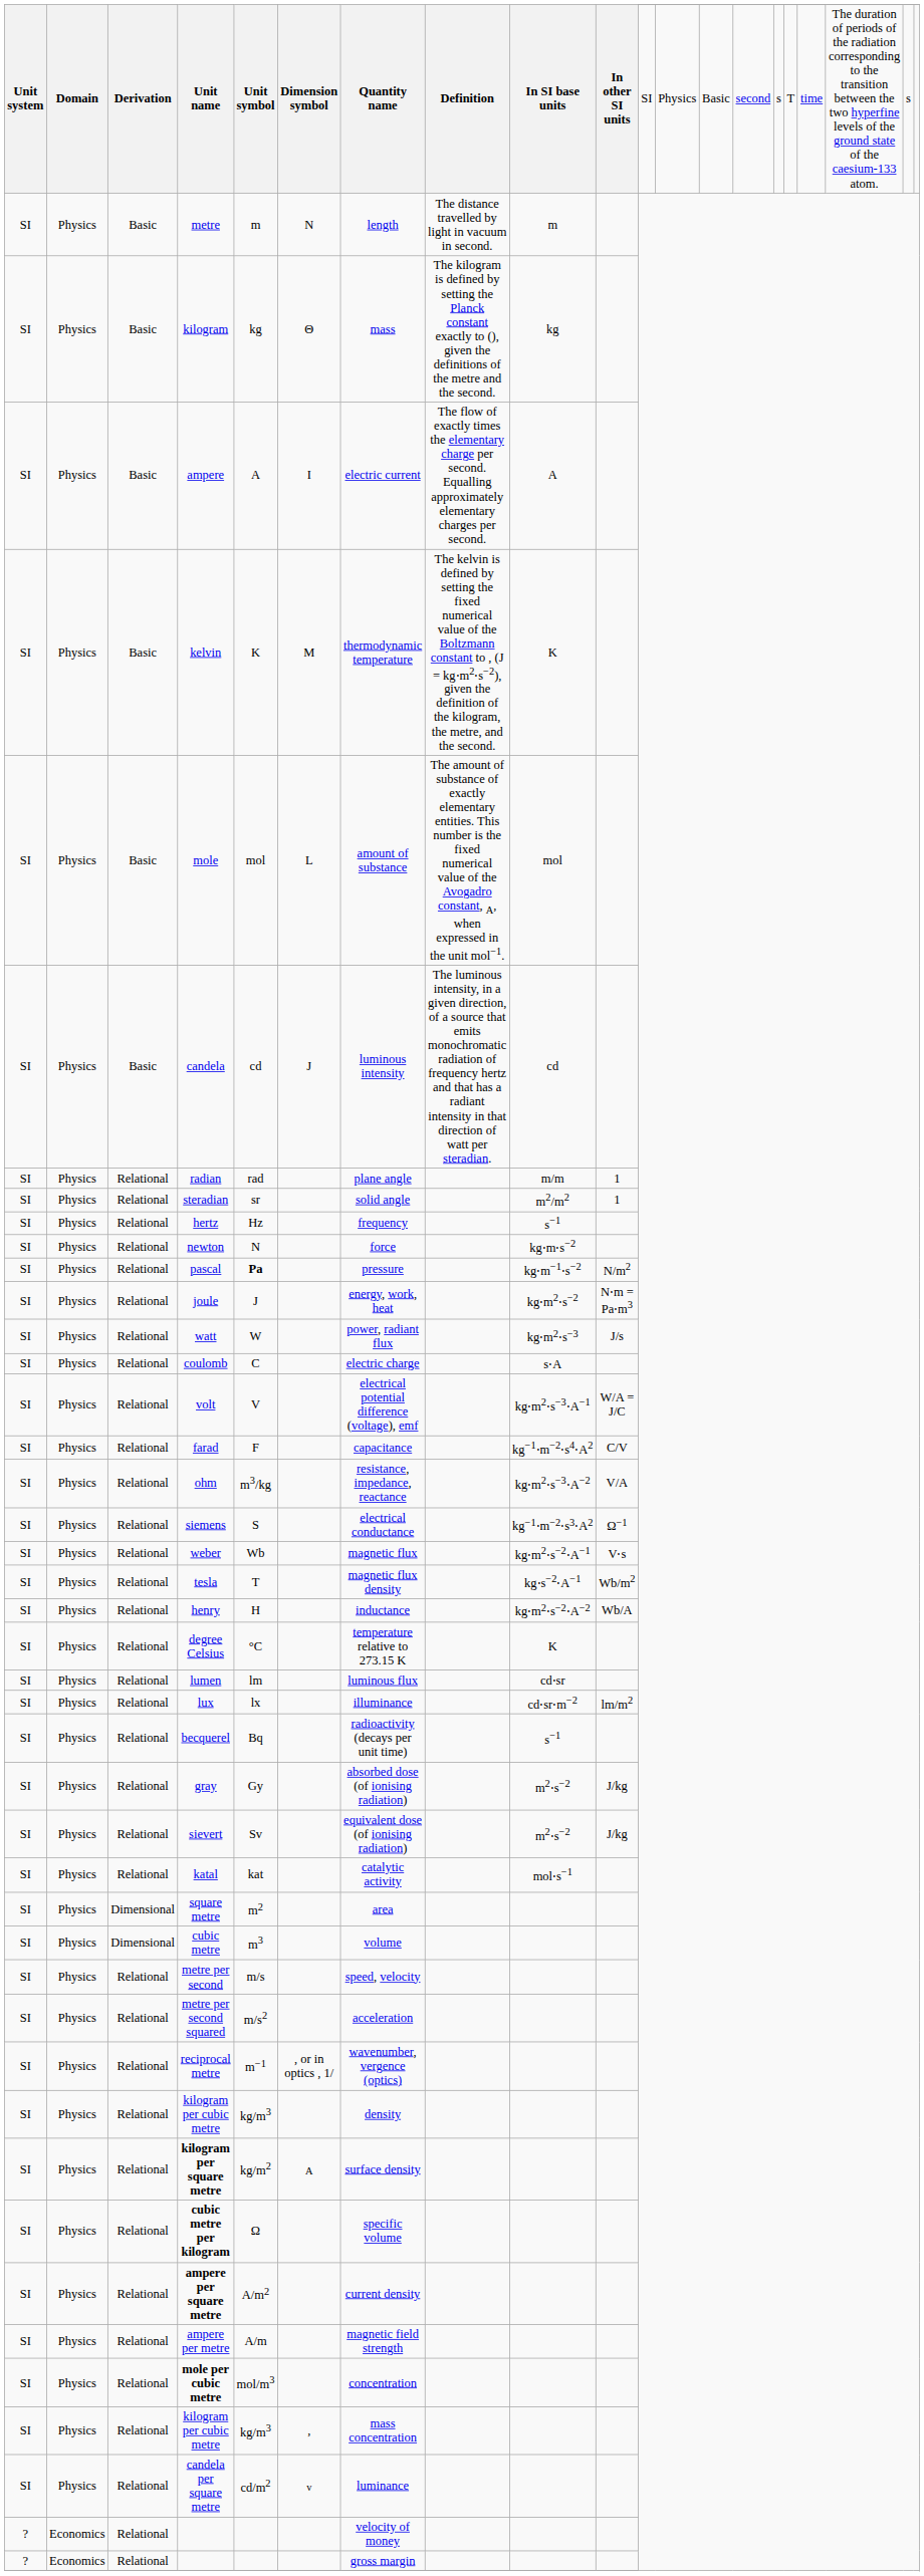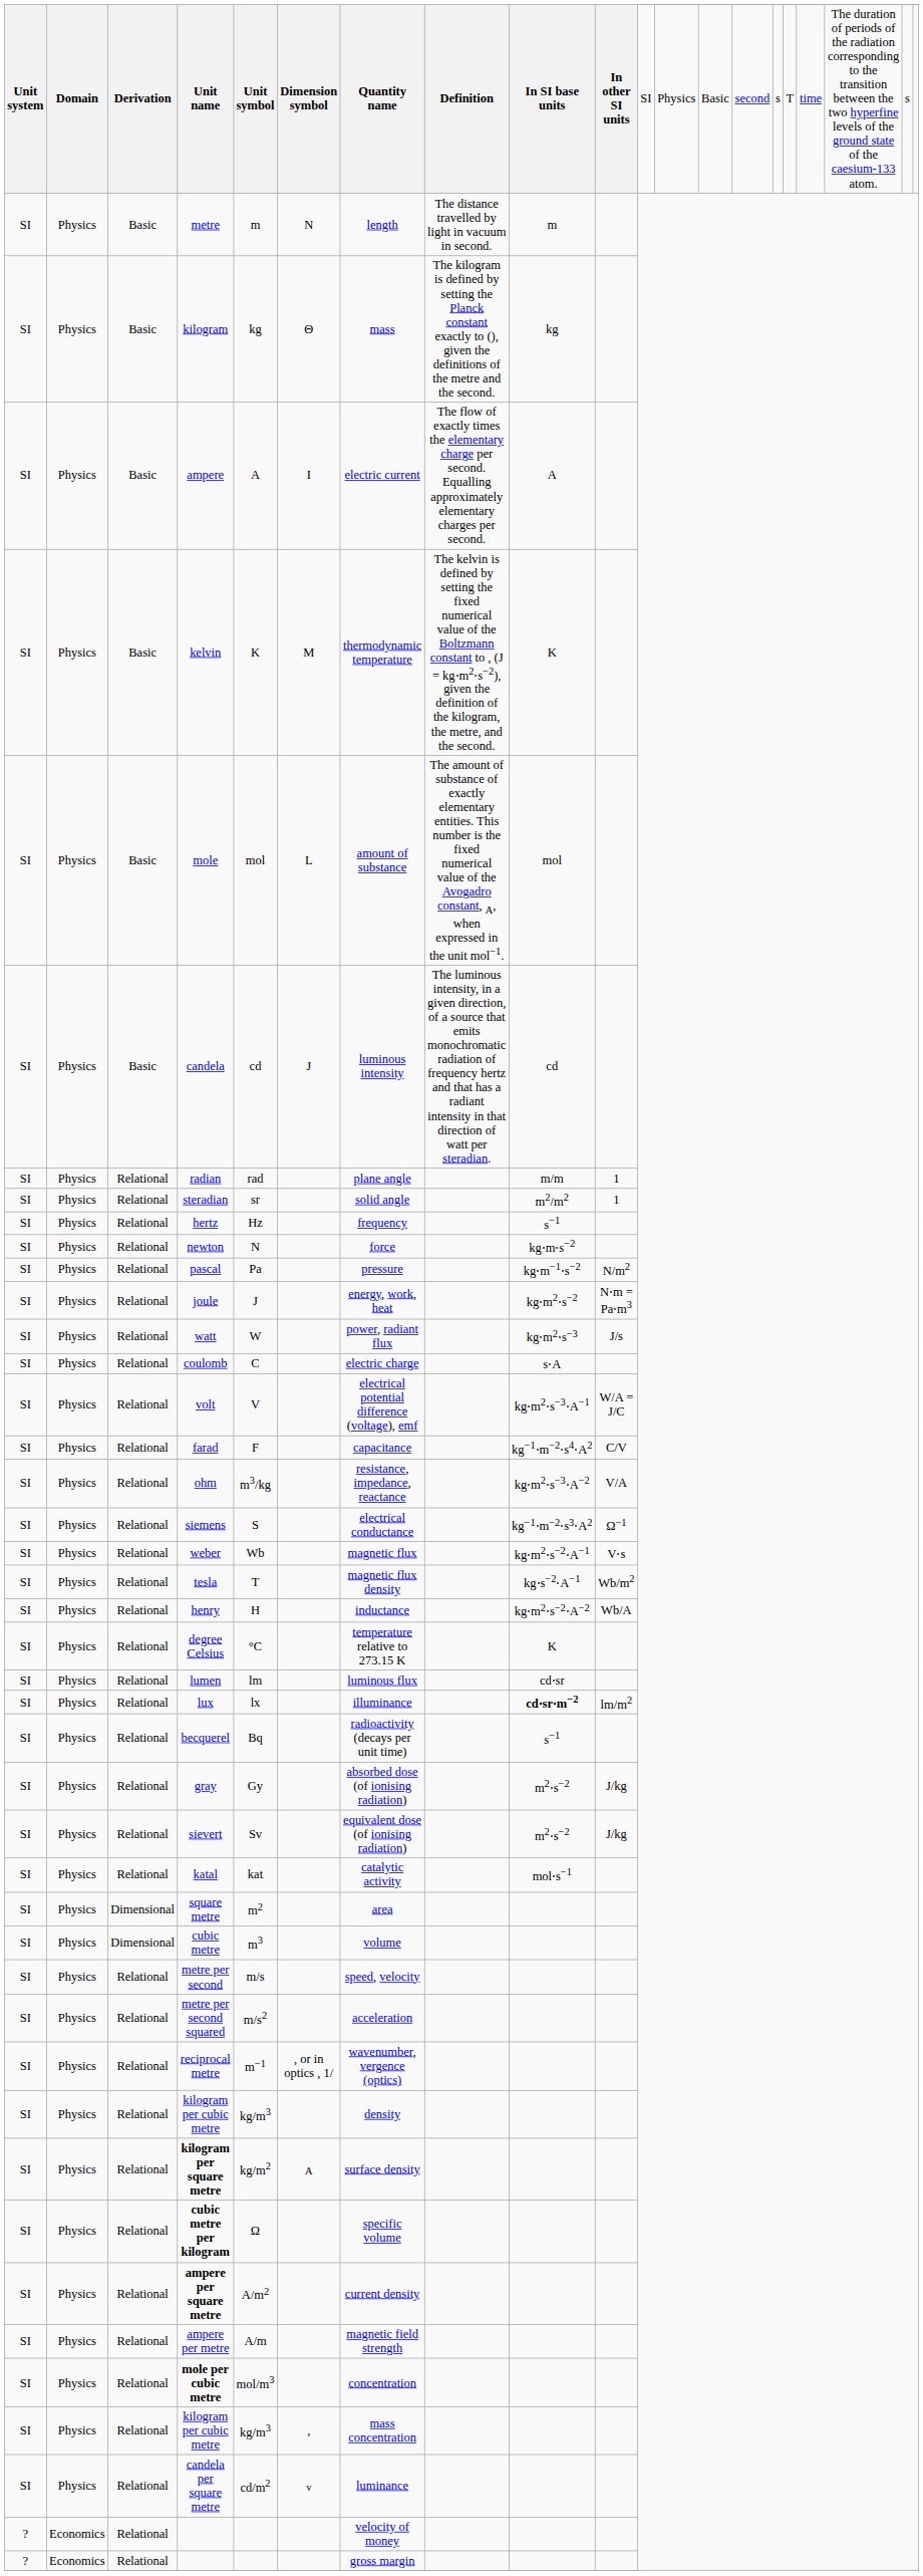 <table class="wikitable sortable" width='100%' style='text-align: center'>
 <tr>
 <th data-sort-type="number ! "rowspan="2">Unit system</th>
 <th data-sort-type="number ! "rowspan="2">Domain</th>
 <th data-sort-type="number ! "rowspan="2">Derivation</th>
 <th data-sort-type="number ! "rowspan="2">Unit name</th>
 <th data-sort-type="number ! "rowspan="2">Unit symbol</th>
 <th data-sort-type="number ! "rowspan="2">Dimension symbol</th>
 <th data-sort-type="number ! "rowspan="2">Quantity name</th>
 <th data-sort-type="number ! "rowspan="2">Definition</th>
 <th data-sort-type="number ! "rowspan="2">In SI base units</th>
 <th data-sort-type="number ! "rowspan="2">In other SI units</th>
 </tr>
 <tr>
 <td>SI</td>
 <td>Physics</td>
 <td>Basic</td>
 <td><a href='#'>second</a><br></td>
 <td>s</td>
 <td>T</td>
 <td><a href='#'>time</a></td>
 <td>The duration of  periods of the radiation corresponding to the transition between the two <a href='#'>hyperfine</a> levels of the <a href='#'>ground state</a> of the <a href='#'>caesium-133</a> atom.</td>
 <td>s</td>
 <td></td>
 </tr>
 <tr>
 <td>SI</td>
 <td>Physics</td>
 <td>Basic</td>
 <td><a href='#'>metre</a></td>
 <td>m</td>
 <td>N</td>
 <td><a href='#'>length</a></td>
 <td>The distance travelled by light in vacuum in  second.</td>
 <td>m</td>
 <td></td>
 </tr>
 <tr>
 <td>SI</td>
 <td>Physics</td>
 <td>Basic</td>
 <td><a href='#'>kilogram</a><br></td>
 <td>kg</td>
 <td>Θ</td>
 <td><a href='#'>mass</a></td>
 <td>The kilogram is defined by setting the <a href='#'>Planck constant</a>  exactly to  (), given the definitions of the metre and the second.</td>
 <td>kg</td>
 <td></td>
 </tr>
 <tr>
 <td>SI</td>
 <td>Physics</td>
 <td>Basic</td>
 <td><a href='#'>ampere</a></td>
 <td>A</td>
 <td>I</td>
 <td><a href='#'>electric current</a></td>
 <td>The flow of exactly  times the <a href='#'>elementary charge</a>  per second. Equalling approximately   elementary charges per second.</td>
 <td>A</td>
 <td></td>
 </tr>
 <tr>
 <td>SI</td>
 <td>Physics</td>
 <td>Basic</td>
 <td><a href='#'>kelvin</a></td>
 <td>K</td>
 <td>M</td>
 <td><a href='#'>thermodynamic<br>temperature</a></td>
 <td>The kelvin is defined by setting the fixed numerical value of the <a href='#'>Boltzmann constant</a>  to , (J = kg⋅m<sup>2</sup>⋅s<sup>−2</sup>), given the definition of the kilogram, the metre, and the second.</td>
 <td>K</td>
 <td></td>
 </tr>
 <tr>
 <td>SI</td>
 <td>Physics</td>
 <td>Basic</td>
 <td><a href='#'>mole</a></td>
 <td>mol</td>
 <td>L</td>
 <td><a href='#'>amount of<br>substance</a></td>
 <td>The amount of substance of exactly  elementary entities. This number is the fixed numerical value of the <a href='#'>Avogadro constant</a>, <sub>A</sub>, when expressed in the unit mol<sup>−1</sup>.</td>
 <td>mol</td>
 <td></td>
 </tr>
 <tr>
 <td>SI</td>
 <td>Physics</td>
 <td>Basic</td>
 <td><a href='#'>candela</a></td>
 <td>cd</td>
 <td>J</td>
 <td><a href='#'>luminous<br>intensity</a></td>
 <td>The luminous intensity, in a given direction, of a source that emits monochromatic radiation of frequency  hertz and that has a radiant intensity in that direction of  watt per <a href='#'>steradian</a>.</td>
 <td>cd</td>
 <td></td>
 </tr>
 <tr>
 <td>SI</td>
 <td>Physics</td>
 <td>Relational</td>
 <td><a href='#'>radian</a></td>
 <td>rad</td>
 <td></td>
 <td><a href='#'>plane angle</a></td>
 <td></td>
 <td>m/m</td>
 <td>1</td>
 </tr>
 <tr>
 <td>SI</td>
 <td>Physics</td>
 <td>Relational</td>
 <td><a href='#'>steradian</a></td>
 <td>sr</td>
 <td></td>
 <td><a href='#'>solid angle</a></td>
 <td></td>
 <td>m<sup>2</sup>/m<sup>2</sup></td>
 <td>1</td>
 </tr>
 <tr>
 <td>SI</td>
 <td>Physics</td>
 <td>Relational</td>
 <td><a href='#'>hertz</a></td>
 <td>Hz</td>
 <td></td>
 <td><a href='#'>frequency</a></td>
 <td></td>
 <td>s<sup>−1</sup></td>
 <td></td>
 </tr>
 <tr>
 <td>SI</td>
 <td>Physics</td>
 <td>Relational</td>
 <td><a href='#'>newton</a></td>
 <td>N</td>
 <td></td>
 <td><a href='#'>force</a></td>
 <td></td>
 <td>kg⋅m⋅s<sup>−2</sup></td>
 <td></td>
 </tr>
 <tr>
 <td>SI</td>
 <td>Physics</td>
 <td>Relational</td>
 <td><a href='#'>pascal</a></td>
-<td><strong>Pa</strong></td>
+<td>Pa</td>
 <td></td>
 <td><a href='#'>pressure</a></td>
 <td></td>
 <td>kg⋅m<sup>−1</sup>⋅s<sup>−2</sup></td>
 <td>N/m<sup>2</sup></td>
 </tr>
 <tr>
 <td>SI</td>
 <td>Physics</td>
 <td>Relational</td>
 <td><a href='#'>joule</a></td>
 <td>J</td>
 <td></td>
 <td><a href='#'>energy</a>, <a href='#'>work</a>, <a href='#'>heat</a></td>
 <td></td>
 <td>kg⋅m<sup>2</sup>⋅s<sup>−2</sup></td>
 <td>N⋅m = Pa⋅m<sup>3</sup></td>
 </tr>
 <tr>
 <td>SI</td>
 <td>Physics</td>
 <td>Relational</td>
 <td><a href='#'>watt</a></td>
 <td>W</td>
 <td></td>
 <td><a href='#'>power</a>, <a href='#'>radiant flux</a></td>
 <td></td>
 <td>kg⋅m<sup>2</sup>⋅s<sup>−3</sup></td>
 <td>J/s</td>
 </tr>
 <tr>
 <td>SI</td>
 <td>Physics</td>
 <td>Relational</td>
 <td><a href='#'>coulomb</a></td>
 <td>C</td>
 <td></td>
 <td><a href='#'>electric charge</a></td>
 <td></td>
 <td>s⋅A</td>
 <td></td>
 </tr>
 <tr>
 <td>SI</td>
 <td>Physics</td>
 <td>Relational</td>
 <td><a href='#'>volt</a></td>
 <td>V</td>
 <td></td>
 <td><a href='#'>electrical potential difference</a> (<a href='#'>voltage</a>), <a href='#'>emf</a></td>
 <td></td>
 <td>kg⋅m<sup>2</sup>⋅s<sup>−3</sup>⋅A<sup>−1</sup></td>
 <td>W/A = J/C</td>
 </tr>
 <tr>
 <td>SI</td>
 <td>Physics</td>
 <td>Relational</td>
 <td><a href='#'>farad</a></td>
 <td>F</td>
 <td></td>
 <td><a href='#'>capacitance</a></td>
 <td></td>
 <td>kg<sup>−1</sup>⋅m<sup>−2</sup>⋅s<sup>4</sup>⋅A<sup>2</sup></td>
 <td>C/V</td>
 </tr>
 <tr>
 <td>SI</td>
 <td>Physics</td>
 <td>Relational</td>
 <td><a href='#'>ohm</a></td>
 <td>m<sup>3</sup>/kg</td>
 <td></td>
 <td><a href='#'>resistance</a>, <a href='#'>impedance</a>, <a href='#'>reactance</a></td>
 <td></td>
 <td>kg⋅m<sup>2</sup>⋅s<sup>−3</sup>⋅A<sup>−2</sup></td>
 <td>V/A</td>
 </tr>
 <tr>
 <td>SI</td>
 <td>Physics</td>
 <td>Relational</td>
 <td><a href='#'>siemens</a></td>
 <td>S</td>
 <td></td>
 <td><a href='#'>electrical conductance</a></td>
 <td></td>
 <td>kg<sup>−1</sup>⋅m<sup>−2</sup>⋅s<sup>3</sup>⋅A<sup>2</sup></td>
 <td>Ω<sup>−1</sup></td>
 </tr>
 <tr>
 <td>SI</td>
 <td>Physics</td>
 <td>Relational</td>
 <td><a href='#'>weber</a></td>
 <td>Wb</td>
 <td></td>
 <td><a href='#'>magnetic flux</a></td>
 <td></td>
 <td>kg⋅m<sup>2</sup>⋅s<sup>−2</sup>⋅A<sup>−1</sup></td>
 <td>V⋅s</td>
 </tr>
 <tr>
 <td>SI</td>
 <td>Physics</td>
 <td>Relational</td>
 <td><a href='#'>tesla</a></td>
 <td>T</td>
 <td></td>
 <td><a href='#'>magnetic flux density</a></td>
 <td></td>
 <td>kg⋅s<sup>−2</sup>⋅A<sup>−1</sup></td>
 <td>Wb/m<sup>2</sup></td>
 </tr>
 <tr>
 <td>SI</td>
 <td>Physics</td>
 <td>Relational</td>
 <td><a href='#'>henry</a></td>
 <td>H</td>
 <td></td>
 <td><a href='#'>inductance</a></td>
 <td></td>
 <td>kg⋅m<sup>2</sup>⋅s<sup>−2</sup>⋅A<sup>−2</sup></td>
 <td>Wb/A</td>
 </tr>
 <tr>
 <td>SI</td>
 <td>Physics</td>
 <td>Relational</td>
 <td><a href='#'>degree Celsius</a></td>
 <td>°C</td>
 <td></td>
 <td><a href='#'>temperature</a> relative to 273.15 K</td>
 <td></td>
 <td>K</td>
 <td></td>
 </tr>
 <tr>
 <td>SI</td>
 <td>Physics</td>
 <td>Relational</td>
 <td><a href='#'>lumen</a></td>
 <td>lm</td>
 <td></td>
 <td><a href='#'>luminous flux</a></td>
 <td></td>
 <td>cd⋅sr</td>
 <td></td>
 </tr>
 <tr>
 <td>SI</td>
 <td>Physics</td>
 <td>Relational</td>
 <td><a href='#'>lux</a></td>
 <td>lx</td>
 <td></td>
 <td><a href='#'>illuminance</a></td>
 <td></td>
-<td>cd⋅sr⋅m<sup>−2</sup></td>
+<td><strong>cd⋅sr⋅m<sup>−2</sup></strong></td>
 <td>lm/m<sup>2</sup></td>
 </tr>
 <tr>
 <td>SI</td>
 <td>Physics</td>
 <td>Relational</td>
 <td><a href='#'>becquerel</a></td>
 <td>Bq</td>
 <td></td>
 <td><a href='#'>radioactivity</a> (decays per unit time)</td>
 <td></td>
 <td>s<sup>−1</sup></td>
 <td></td>
 </tr>
 <tr>
 <td>SI</td>
 <td>Physics</td>
 <td>Relational</td>
 <td><a href='#'>gray</a></td>
 <td>Gy</td>
 <td></td>
 <td><a href='#'>absorbed dose</a> (of <a href='#'>ionising radiation</a>)</td>
 <td></td>
 <td>m<sup>2</sup>⋅s<sup>−2</sup></td>
 <td>J/kg</td>
 </tr>
 <tr>
 <td>SI</td>
 <td>Physics</td>
 <td>Relational</td>
 <td><a href='#'>sievert</a></td>
 <td>Sv</td>
 <td></td>
 <td><a href='#'>equivalent dose</a> (of <a href='#'>ionising radiation</a>)</td>
 <td></td>
 <td>m<sup>2</sup>⋅s<sup>−2</sup></td>
 <td>J/kg</td>
 </tr>
 <tr>
 <td>SI</td>
 <td>Physics</td>
 <td>Relational</td>
 <td><a href='#'>katal</a></td>
 <td>kat</td>
 <td></td>
 <td><a href='#'>catalytic activity</a></td>
 <td></td>
 <td>mol⋅s<sup>−1</sup></td>
 <td></td>
 </tr>
 <tr>
 <td>SI</td>
 <td>Physics</td>
 <td>Dimensional</td>
 <td><a href='#'>square metre</a></td>
 <td>m<sup>2</sup></td>
 <td></td>
 <td><a href='#'>area</a></td>
 <td></td>
 <td></td>
 <td></td>
 </tr>
 <tr>
 <td>SI</td>
 <td>Physics</td>
 <td>Dimensional</td>
 <td><a href='#'>cubic metre</a></td>
 <td>m<sup>3</sup></td>
 <td></td>
 <td><a href='#'>volume</a></td>
 <td></td>
 <td></td>
 <td></td>
 </tr>
 <tr>
 <td>SI</td>
 <td>Physics</td>
 <td>Relational</td>
 <td><a href='#'>metre per second</a></td>
 <td>m/s</td>
 <td></td>
 <td><a href='#'>speed</a>, <a href='#'>velocity</a></td>
 <td></td>
 <td></td>
 <td></td>
 </tr>
 <tr>
 <td>SI</td>
 <td>Physics</td>
 <td>Relational</td>
 <td><a href='#'>metre per second squared</a></td>
 <td>m/s<sup>2</sup></td>
 <td></td>
 <td><a href='#'>acceleration</a></td>
 <td></td>
 <td></td>
 <td></td>
 </tr>
 <tr>
 <td>SI</td>
 <td>Physics</td>
 <td>Relational</td>
 <td><a href='#'>reciprocal metre</a></td>
 <td>m<sup>−1</sup></td>
 <td>,  or in optics , 1/</td>
 <td><a href='#'>wavenumber</a>, <a href='#'>vergence (optics)</a></td>
 <td></td>
 <td></td>
 <td></td>
 </tr>
 <tr>
 <td>SI</td>
 <td>Physics</td>
 <td>Relational</td>
 <td><a href='#'>kilogram per cubic metre</a></td>
 <td>kg/m<sup>3</sup></td>
 <td></td>
 <td><a href='#'>density</a></td>
 <td></td>
 <td></td>
 <td></td>
 </tr>
 <tr>
 <td>SI</td>
 <td>Physics</td>
 <td>Relational</td>
 <td><strong>kilogram per square metre</strong></td>
 <td>kg/m<sup>2</sup></td>
 <td><sub>A</sub></td>
 <td><a href='#'>surface density</a></td>
 <td></td>
 <td></td>
 <td></td>
 </tr>
 <tr>
 <td>SI</td>
 <td>Physics</td>
 <td>Relational</td>
 <td><strong>cubic metre per kilogram</strong></td>
 <td>Ω</td>
 <td></td>
 <td><a href='#'>specific volume</a></td>
 <td></td>
 <td></td>
 <td></td>
 </tr>
 <tr>
 <td>SI</td>
 <td>Physics</td>
 <td>Relational</td>
 <td><strong>ampere per square metre</strong></td>
 <td>A/m<sup>2</sup></td>
 <td></td>
 <td><a href='#'>current density</a></td>
 <td></td>
 <td></td>
 <td></td>
 </tr>
 <tr>
 <td>SI</td>
 <td>Physics</td>
 <td>Relational</td>
 <td><a href='#'>ampere per metre</a></td>
 <td>A/m</td>
 <td></td>
 <td><a href='#'>magnetic field strength</a></td>
 <td></td>
 <td></td>
 <td></td>
 </tr>
 <tr>
 <td>SI</td>
 <td>Physics</td>
 <td>Relational</td>
 <td><strong>mole per cubic metre</strong></td>
 <td>mol/m<sup>3</sup></td>
 <td></td>
 <td><a href='#'>concentration</a></td>
 <td></td>
 <td></td>
 <td></td>
 </tr>
 <tr>
 <td>SI</td>
 <td>Physics</td>
 <td>Relational</td>
 <td><a href='#'>kilogram per cubic metre</a></td>
 <td>kg/m<sup>3</sup></td>
 <td>, </td>
 <td><a href='#'>mass concentration</a></td>
 <td></td>
 <td></td>
 <td></td>
 </tr>
 <tr>
 <td>SI</td>
 <td>Physics</td>
 <td>Relational</td>
 <td><a href='#'>candela per square metre</a></td>
 <td>cd/m<sup>2</sup></td>
 <td><sub>v</sub></td>
 <td><a href='#'>luminance</a></td>
 <td></td>
 <td></td>
 <td></td>
 </tr>
 <tr>
 <td>?</td>
 <td>Economics</td>
 <td>Relational</td>
 <td></td>
 <td></td>
 <td></td>
 <td><a href='#'>velocity of money</a></td>
 <td></td>
 <td></td>
 <td></td>
 </tr>
 <tr>
 <td>?</td>
 <td>Economics</td>
 <td>Relational</td>
 <td></td>
 <td></td>
 <td></td>
 <td><a href='#'>gross margin</a></td>
 <td></td>
 <td></td>
 <td></td>
 </tr>
 <tr>
 </tr>
 </table>
